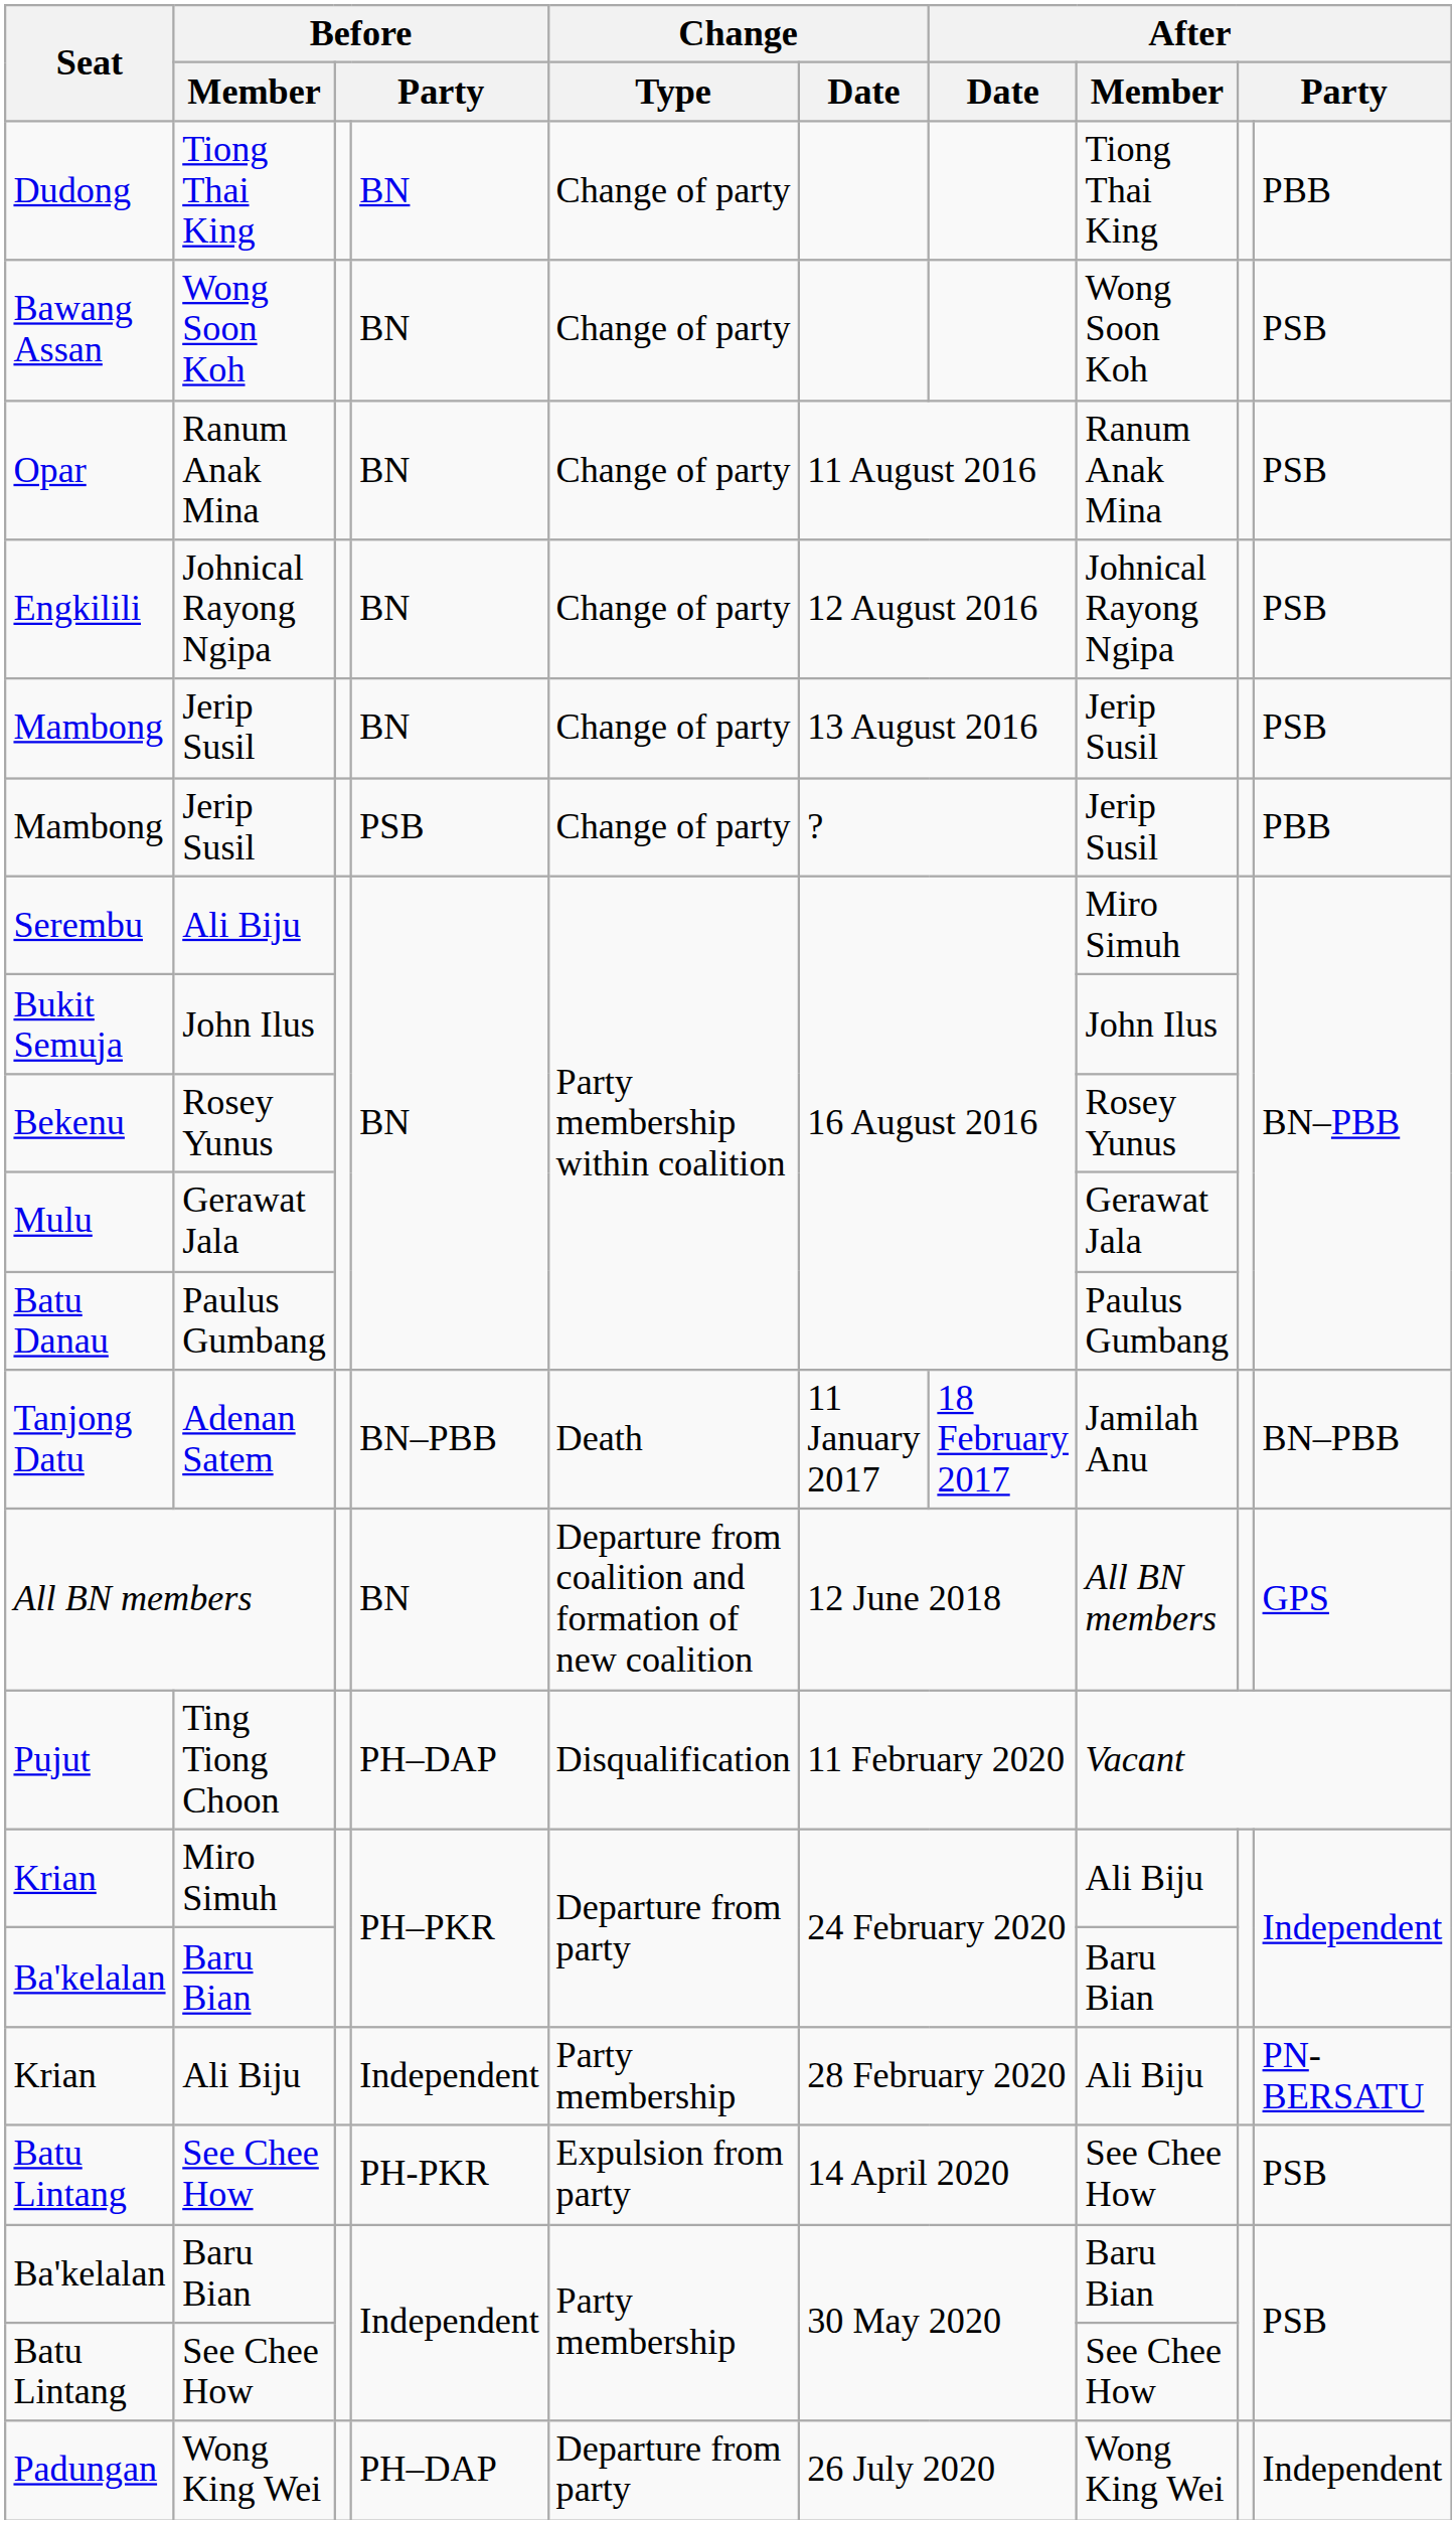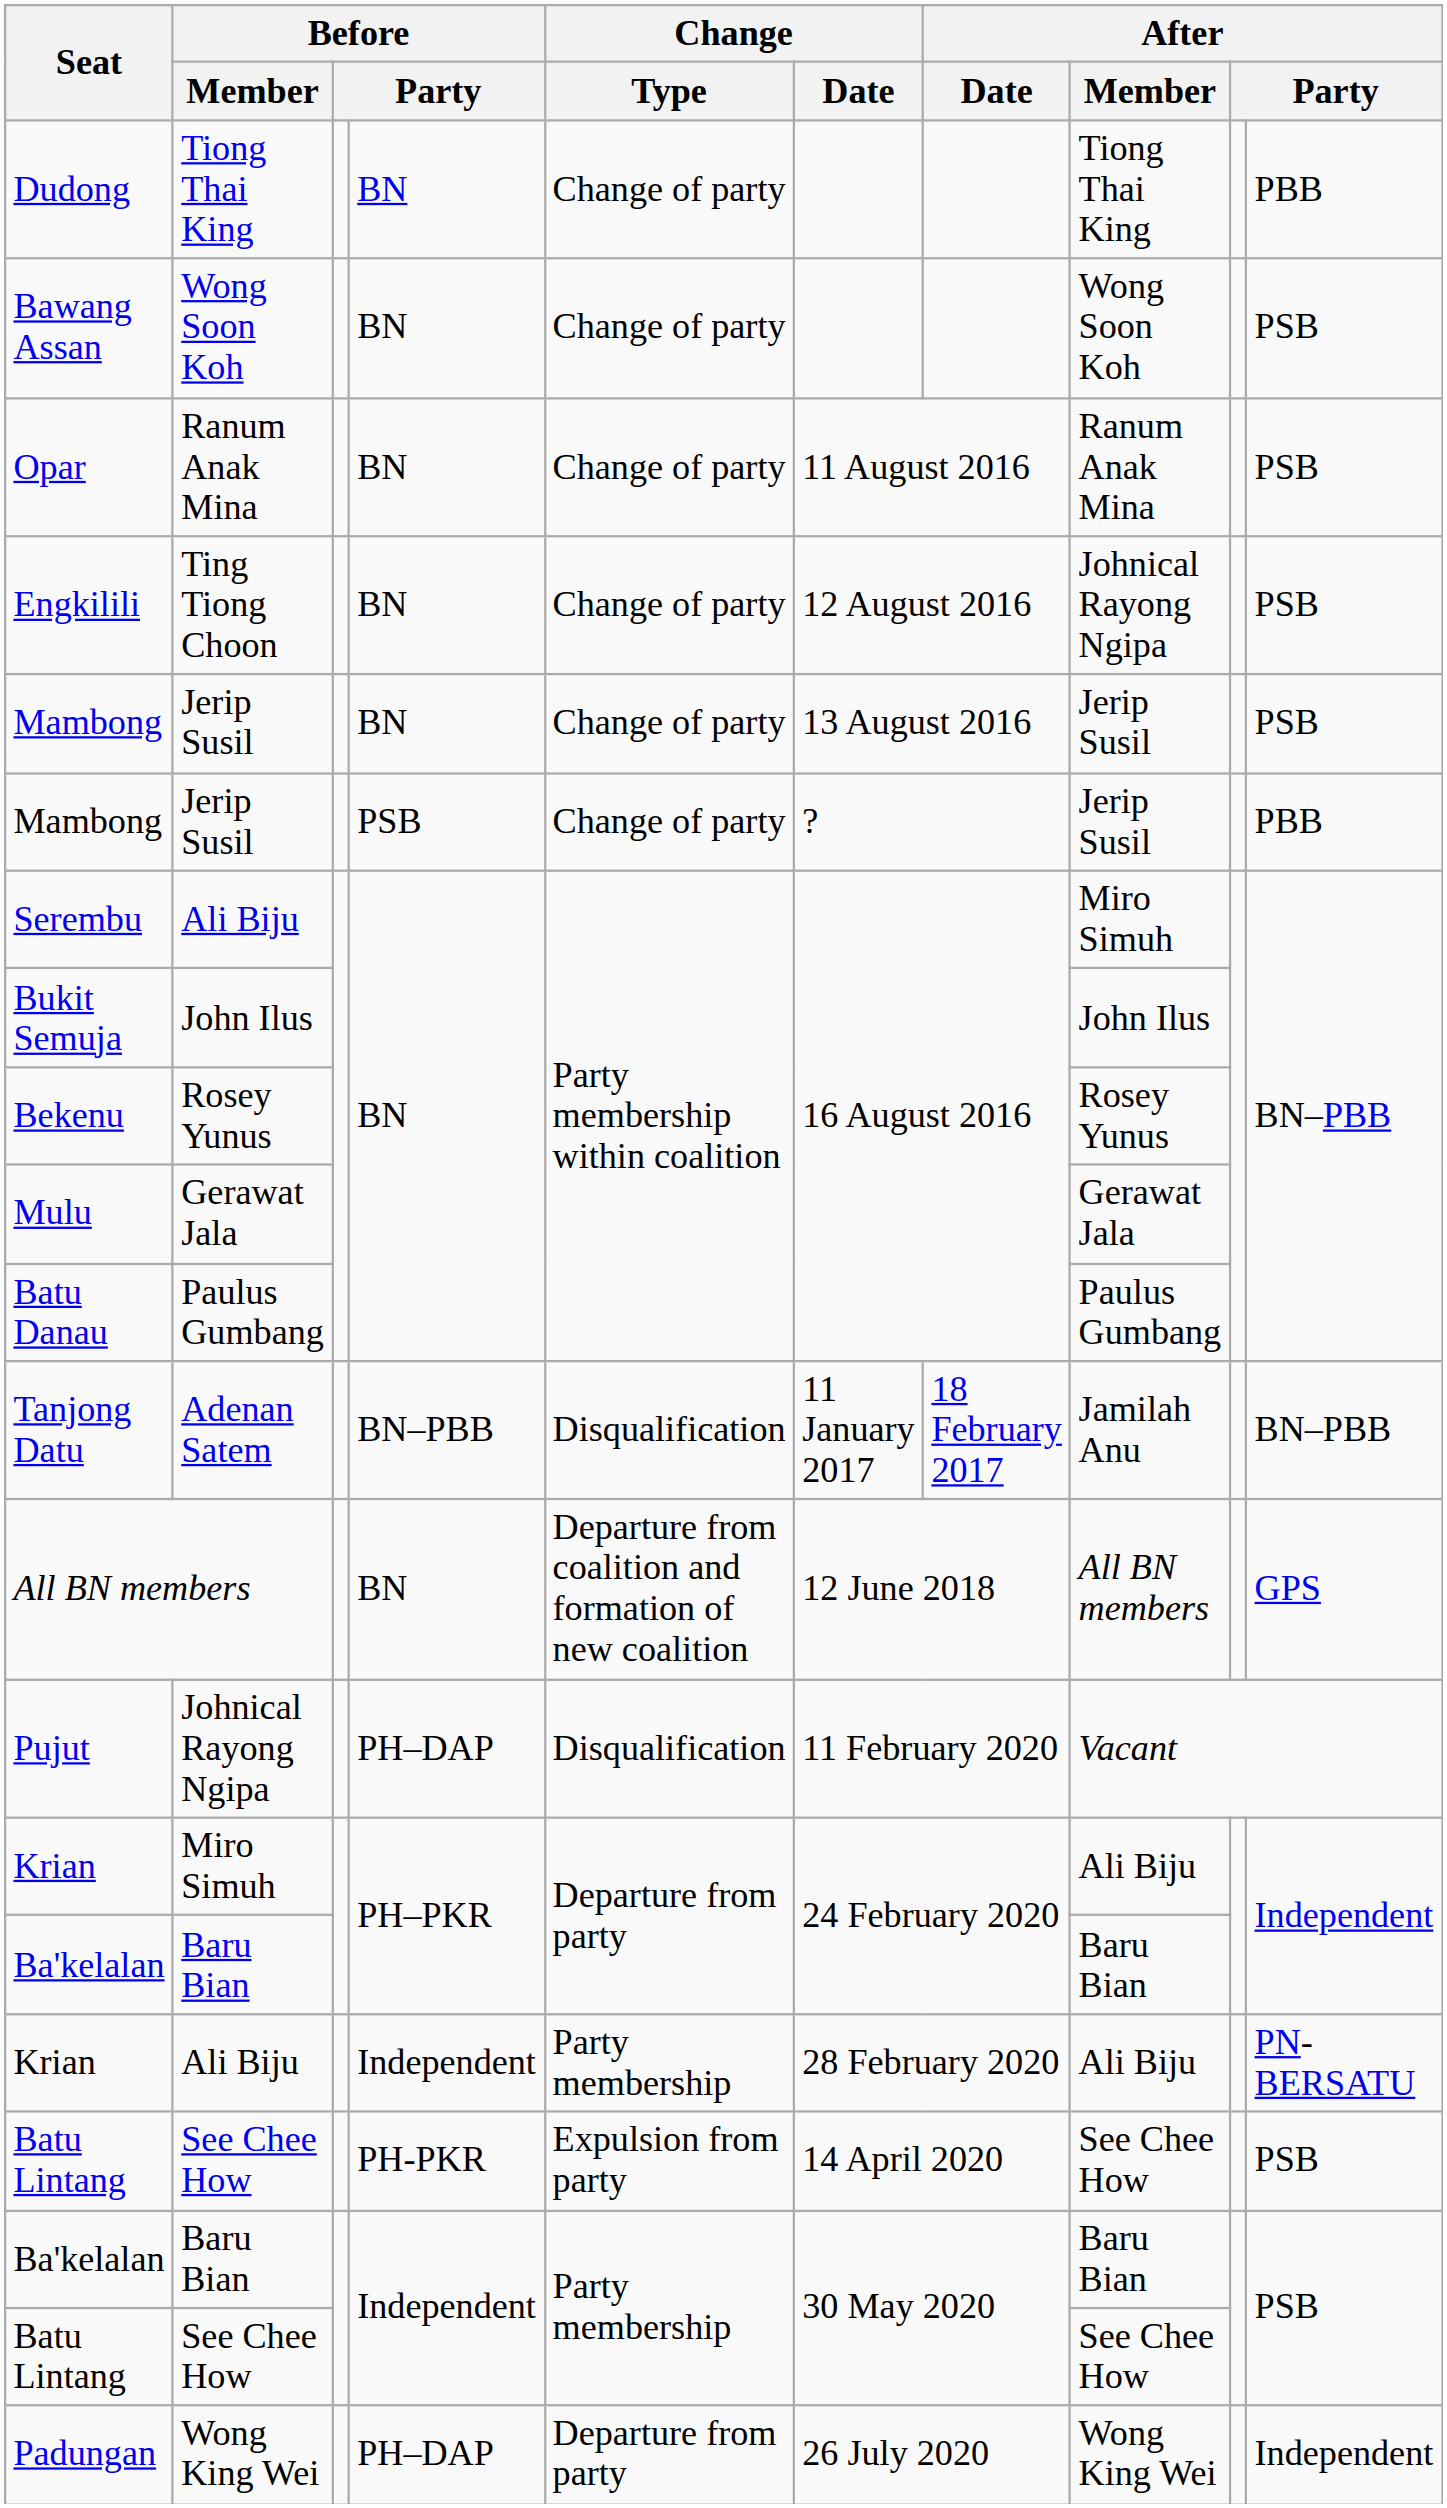 <table class="wikitable sortable" style="border: none;">
 <tr>
 <th rowspan="2">Seat</th>
 <th colspan="3">Before</th>
 <th colspan="2">Change</th>
 <th colspan="4">After</th>
 </tr>
 <tr>
 <th>Member</th>
 <th colspan="2">Party</th>
 <th>Type</th>
 <th>Date</th>
 <th>Date</th>
 <th>Member</th>
 <th colspan="2">Party</th>
 </tr>
 <tr>
 <td><a href='#'>Dudong</a></td>
 <td><a href='#'>Tiong Thai King</a></td>
 <td style="background:"></td>
 <td><a href='#'>BN</a></td>
 <td>Change of party</td>
 <td></td>
 <td></td>
 <td>Tiong Thai King</td>
 <td style="background:"></td>
 <td>PBB</td>
 </tr>
 <tr>
 <td><a href='#'>Bawang Assan</a></td>
 <td><a href='#'>Wong Soon Koh</a></td>
 <td style="background:"></td>
 <td>BN</td>
 <td>Change of party</td>
 <td></td>
 <td></td>
 <td>Wong Soon Koh</td>
 <td style="background:"></td>
 <td>PSB</td>
 </tr>
 <tr>
 <td><a href='#'>Opar</a></td>
 <td>Ranum Anak Mina</td>
 <td style="background:"></td>
 <td>BN</td>
 <td>Change of party</td>
 <td colspan="2">11 August 2016</td>
 <td>Ranum Anak Mina</td>
 <td style="background:"></td>
 <td>PSB</td>
 </tr>
 <tr>
 <td><a href='#'>Engkilili</a></td>
-<td>Johnical Rayong Ngipa</td>
+<td>Ting Tiong Choon</td>
 <td style="background:"></td>
 <td>BN</td>
 <td>Change of party</td>
 <td colspan="2">12 August 2016</td>
 <td>Johnical Rayong Ngipa</td>
 <td style="background:"></td>
 <td>PSB</td>
 </tr>
 <tr>
 <td><a href='#'>Mambong</a></td>
 <td>Jerip Susil</td>
 <td style="background:"></td>
 <td>BN</td>
 <td>Change of party</td>
 <td colspan="2">13 August 2016</td>
 <td>Jerip Susil</td>
 <td style="background:"></td>
 <td>PSB</td>
 </tr>
 <tr>
 <td>Mambong</td>
 <td>Jerip Susil</td>
 <td style="background:"></td>
 <td>PSB</td>
 <td>Change of party</td>
 <td colspan="2">?</td>
 <td>Jerip Susil</td>
 <td style="background:"></td>
 <td>PBB</td>
 </tr>
 <tr>
 <td><a href='#'>Serembu</a></td>
 <td><a href='#'>Ali Biju</a></td>
 <td rowspan="5" style="background:"></td>
 <td rowspan="5">BN</td>
 <td rowspan="5">Party membership within coalition</td>
 <td rowspan="5" colspan="2">16 August 2016</td>
 <td>Miro Simuh</td>
 <td rowspan="5" style="background:"></td>
 <td rowspan="5">BN–<a href='#'>PBB</a></td>
 </tr>
 <tr>
 <td><a href='#'>Bukit Semuja</a></td>
 <td>John Ilus</td>
 <td>John Ilus</td>
 </tr>
 <tr>
 <td><a href='#'>Bekenu</a></td>
 <td>Rosey Yunus</td>
 <td>Rosey Yunus</td>
 </tr>
 <tr>
 <td><a href='#'>Mulu</a></td>
 <td>Gerawat Jala</td>
 <td>Gerawat Jala</td>
 </tr>
 <tr>
 <td><a href='#'>Batu Danau</a></td>
 <td>Paulus Gumbang</td>
 <td>Paulus Gumbang</td>
 </tr>
 <tr>
 <td><a href='#'>Tanjong Datu</a></td>
 <td><a href='#'>Adenan Satem</a></td>
 <td style="background:"></td>
 <td>BN–PBB</td>
-<td>Death</td>
+<td>Disqualification</td>
 <td>11 January 2017</td>
 <td><a href='#'>18 February 2017</a></td>
 <td>Jamilah Anu</td>
 <td style="background:"></td>
 <td>BN–PBB</td>
 </tr>
 <tr>
 <td colspan="2"><em>All BN members</em></td>
 <td style="background:"></td>
 <td>BN</td>
 <td>Departure from coalition and formation of new coalition</td>
 <td colspan="2">12 June 2018</td>
 <td><em>All BN members</em></td>
 <td style="background:"></td>
 <td><a href='#'>GPS</a></td>
 </tr>
 <tr>
 <td><a href='#'>Pujut</a></td>
-<td>Ting Tiong Choon</td>
+<td>Johnical Rayong Ngipa</td>
 <td style="background:"></td>
 <td>PH–DAP</td>
 <td>Disqualification</td>
 <td colspan="2">11 February 2020</td>
 <td colspan="3"><em>Vacant</em></td>
 </tr>
 <tr>
 <td><a href='#'>Krian</a></td>
 <td>Miro Simuh</td>
 <td rowspan="2" style="background:"></td>
 <td rowspan="2">PH–PKR</td>
 <td rowspan="2">Departure from party</td>
 <td rowspan="2" colspan="2">24 February 2020</td>
 <td>Ali Biju</td>
 <td rowspan="2" style="background:"></td>
 <td rowspan="2"><a href='#'>Independent</a></td>
 </tr>
 <tr>
 <td><a href='#'>Ba'kelalan</a></td>
 <td><a href='#'>Baru Bian</a></td>
 <td>Baru Bian</td>
 </tr>
 <tr>
 <td>Krian</td>
 <td>Ali Biju</td>
 <td style="background:"></td>
 <td>Independent</td>
 <td>Party membership</td>
 <td colspan="2">28 February 2020</td>
 <td>Ali Biju</td>
 <td style="background:"></td>
 <td><a href='#'>PN</a>-<a href='#'>BERSATU</a></td>
 </tr>
 <tr>
 <td><a href='#'>Batu Lintang</a></td>
 <td><a href='#'>See Chee How</a></td>
 <td style="background:"></td>
 <td>PH-PKR</td>
 <td>Expulsion from party</td>
 <td colspan="2">14 April 2020</td>
 <td>See Chee How</td>
 <td style="background:"></td>
 <td>PSB</td>
 </tr>
 <tr>
 <td>Ba'kelalan</td>
 <td>Baru Bian</td>
 <td rowspan="2" style="background:"></td>
 <td rowspan="2">Independent</td>
 <td rowspan="2">Party membership</td>
 <td rowspan="2" colspan="2">30 May 2020</td>
 <td>Baru Bian</td>
 <td rowspan="2" style="background:"></td>
 <td rowspan="2">PSB</td>
 </tr>
 <tr>
 <td>Batu Lintang</td>
 <td>See Chee How</td>
 <td>See Chee How</td>
 </tr>
 <tr>
 <td><a href='#'>Padungan</a></td>
 <td>Wong King Wei</td>
 <td style="background:"></td>
 <td>PH–DAP</td>
 <td>Departure from party</td>
 <td colspan="2">26 July 2020</td>
 <td>Wong King Wei</td>
 <td style="background:"></td>
 <td>Independent</td>
 </tr>
 <tr>
 </tr>
 </table>
